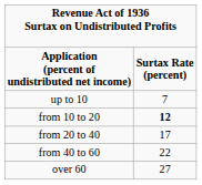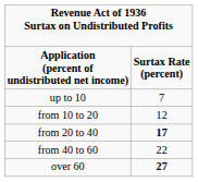 <table class="wikitable" style="text-align:center;">
 <tr>
 <td colspan="4"><strong>Revenue Act of 1936<br>Surtax on Undistributed Profits</strong><br><br> </td>
 </tr>
 <tr>
 <td><strong>Application<br>(percent of<br>undistributed net income)</strong></td>
 <td><strong>Surtax Rate<br>(percent)</strong></td>
 </tr>
 <tr>
 <td>up to 10</td>
 <td>7</td>
 </tr>
 <tr>
 <td>from 10 to 20</td>
-<td><strong>12</strong></td>
+<td>12</td>
 </tr>
 <tr>
 <td>from 20 to 40</td>
-<td>17</td>
+<td><strong>17</strong></td>
 </tr>
 <tr>
 <td>from 40 to 60</td>
 <td>22</td>
 </tr>
 <tr>
 <td>over 60</td>
-<td>27</td>
+<td><strong>27</strong></td>
 </tr>
 </table>
